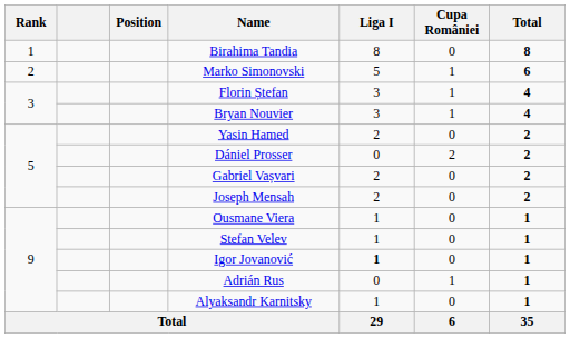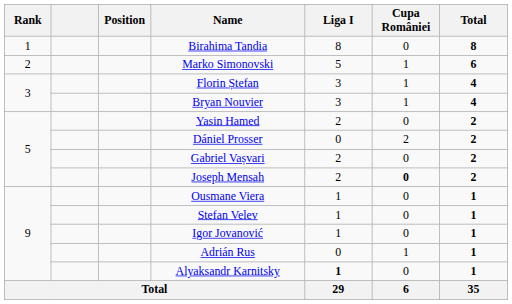 <table class="wikitable" style="text-align:center;">
 <tr>
 <th style="width:56px;">Rank</th>
 <th style="width:56px;"></th>
 <th style="width:64px;">Position</th>
 <th style="width:200px;">Name</th>
 <th style="width:84px;">Liga I</th>
 <th style="width:84px;">Cupa României</th>
 <th style="width:84px;">Total</th>
 </tr>
 <tr>
 <td>1</td>
 <td></td>
 <td></td>
 <td><a href='#'>Birahima Tandia</a></td>
 <td>8</td>
 <td>0</td>
 <td><strong>8</strong></td>
 </tr>
 <tr>
 <td>2</td>
 <td></td>
 <td></td>
 <td><a href='#'>Marko Simonovski</a></td>
 <td>5</td>
 <td>1</td>
 <td><strong>6</strong></td>
 </tr>
 <tr>
 <td rowspan="2">3</td>
 <td></td>
 <td></td>
 <td><a href='#'>Florin Ștefan</a></td>
 <td>3</td>
 <td>1</td>
 <td><strong>4</strong></td>
 </tr>
 <tr>
 <td></td>
 <td></td>
 <td><a href='#'>Bryan Nouvier</a></td>
 <td>3</td>
 <td>1</td>
 <td><strong>4</strong></td>
 </tr>
 <tr>
 <td rowspan="4">5</td>
 <td></td>
 <td></td>
 <td><a href='#'>Yasin Hamed</a></td>
 <td>2</td>
 <td>0</td>
 <td><strong>2</strong></td>
 </tr>
 <tr>
 <td></td>
 <td></td>
 <td><a href='#'>Dániel Prosser</a></td>
 <td>0</td>
 <td>2</td>
 <td><strong>2</strong></td>
 </tr>
 <tr>
 <td></td>
 <td></td>
 <td><a href='#'>Gabriel Vașvari</a></td>
 <td>2</td>
 <td>0</td>
 <td><strong>2</strong></td>
 </tr>
 <tr>
 <td></td>
 <td></td>
 <td><a href='#'>Joseph Mensah</a></td>
 <td>2</td>
-<td>0</td>
+<td><strong>0</strong></td>
 <td><strong>2</strong></td>
 </tr>
 <tr>
 <td rowspan="5">9</td>
 <td></td>
 <td></td>
 <td><a href='#'>Ousmane Viera</a></td>
 <td>1</td>
 <td>0</td>
 <td><strong>1</strong></td>
 </tr>
 <tr>
 <td></td>
 <td></td>
 <td><a href='#'>Stefan Velev</a></td>
 <td>1</td>
 <td>0</td>
 <td><strong>1</strong></td>
 </tr>
 <tr>
 <td></td>
 <td></td>
 <td><a href='#'>Igor Jovanović</a></td>
-<td><strong>1</strong></td>
+<td>1</td>
 <td>0</td>
 <td><strong>1</strong></td>
 </tr>
 <tr>
 <td></td>
 <td></td>
 <td><a href='#'>Adrián Rus</a></td>
 <td>0</td>
 <td>1</td>
 <td><strong>1</strong></td>
 </tr>
 <tr>
 <td></td>
 <td></td>
 <td><a href='#'>Alyaksandr Karnitsky</a></td>
-<td>1</td>
+<td><strong>1</strong></td>
 <td>0</td>
 <td><strong>1</strong></td>
 </tr>
 <tr>
 <th colspan="4">Total</th>
 <th>29</th>
 <th>6</th>
 <th>35</th>
 </tr>
 </table>
